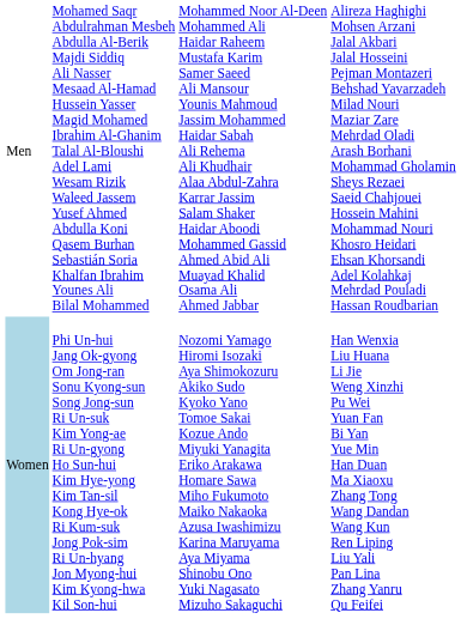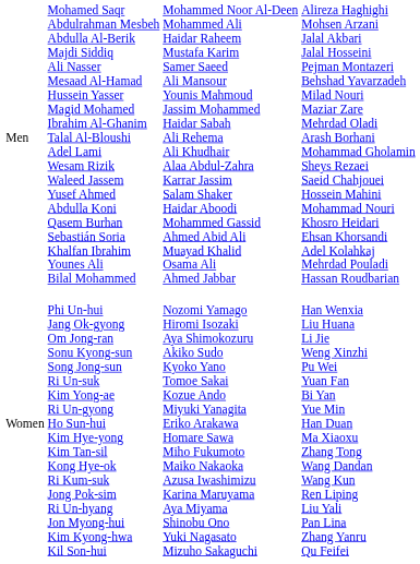 <table>
 <tr>
 <td>Men<br></td>
 <td><br><a href='#'>Mohamed Saqr</a><br><a href='#'>Abdulrahman Mesbeh</a><br><a href='#'>Abdulla Al-Berik</a><br><a href='#'>Majdi Siddiq</a><br><a href='#'>Ali Nasser</a><br><a href='#'>Mesaad Al-Hamad</a><br><a href='#'>Hussein Yasser</a><br><a href='#'>Magid Mohamed</a><br><a href='#'>Ibrahim Al-Ghanim</a><br><a href='#'>Talal Al-Bloushi</a><br><a href='#'>Adel Lami</a><br><a href='#'>Wesam Rizik</a><br><a href='#'>Waleed Jassem</a><br><a href='#'>Yusef Ahmed</a><br><a href='#'>Abdulla Koni</a><br><a href='#'>Qasem Burhan</a><br><a href='#'>Sebastián Soria</a><br><a href='#'>Khalfan Ibrahim</a><br><a href='#'>Younes Ali</a><br><a href='#'>Bilal Mohammed</a></td>
 <td><br><a href='#'>Mohammed Noor Al-Deen</a><br><a href='#'>Mohammed Ali</a><br><a href='#'>Haidar Raheem</a><br><a href='#'>Mustafa Karim</a><br><a href='#'>Samer Saeed</a><br><a href='#'>Ali Mansour</a><br><a href='#'>Younis Mahmoud</a><br><a href='#'>Jassim Mohammed</a><br><a href='#'>Haidar Sabah</a><br><a href='#'>Ali Rehema</a><br><a href='#'>Ali Khudhair</a><br><a href='#'>Alaa Abdul-Zahra</a><br><a href='#'>Karrar Jassim</a><br><a href='#'>Salam Shaker</a><br><a href='#'>Haidar Aboodi</a><br><a href='#'>Mohammed Gassid</a><br><a href='#'>Ahmed Abid Ali</a><br><a href='#'>Muayad Khalid</a><br><a href='#'>Osama Ali</a><br><a href='#'>Ahmed Jabbar</a></td>
 <td><br><a href='#'>Alireza Haghighi</a><br><a href='#'>Mohsen Arzani</a><br><a href='#'>Jalal Akbari</a><br><a href='#'>Jalal Hosseini</a><br><a href='#'>Pejman Montazeri</a><br><a href='#'>Behshad Yavarzadeh</a><br><a href='#'>Milad Nouri</a><br><a href='#'>Maziar Zare</a><br><a href='#'>Mehrdad Oladi</a><br><a href='#'>Arash Borhani</a><br><a href='#'>Mohammad Gholamin</a><br><a href='#'>Sheys Rezaei</a><br><a href='#'>Saeid Chahjouei</a><br><a href='#'>Hossein Mahini</a><br><a href='#'>Mohammad Nouri</a><br><a href='#'>Khosro Heidari</a><br><a href='#'>Ehsan Khorsandi</a><br><a href='#'>Adel Kolahkaj</a><br><a href='#'>Mehrdad Pouladi</a><br><a href='#'>Hassan Roudbarian</a></td>
 </tr>
 <tr>
-<td style="background: lightblue;">Women<br></td>
+<td>Women<br></td>
 <td><br><a href='#'>Phi Un-hui</a><br><a href='#'>Jang Ok-gyong</a><br><a href='#'>Om Jong-ran</a><br><a href='#'>Sonu Kyong-sun</a><br><a href='#'>Song Jong-sun</a><br><a href='#'>Ri Un-suk</a><br><a href='#'>Kim Yong-ae</a><br><a href='#'>Ri Un-gyong</a><br><a href='#'>Ho Sun-hui</a><br><a href='#'>Kim Hye-yong</a><br><a href='#'>Kim Tan-sil</a><br><a href='#'>Kong Hye-ok</a><br><a href='#'>Ri Kum-suk</a><br><a href='#'>Jong Pok-sim</a><br><a href='#'>Ri Un-hyang</a><br><a href='#'>Jon Myong-hui</a><br><a href='#'>Kim Kyong-hwa</a><br><a href='#'>Kil Son-hui</a></td>
 <td><br><a href='#'>Nozomi Yamago</a><br><a href='#'>Hiromi Isozaki</a><br><a href='#'>Aya Shimokozuru</a><br><a href='#'>Akiko Sudo</a><br><a href='#'>Kyoko Yano</a><br><a href='#'>Tomoe Sakai</a><br><a href='#'>Kozue Ando</a><br><a href='#'>Miyuki Yanagita</a><br><a href='#'>Eriko Arakawa</a><br><a href='#'>Homare Sawa</a><br><a href='#'>Miho Fukumoto</a><br><a href='#'>Maiko Nakaoka</a><br><a href='#'>Azusa Iwashimizu</a><br><a href='#'>Karina Maruyama</a><br><a href='#'>Aya Miyama</a><br><a href='#'>Shinobu Ono</a><br><a href='#'>Yuki Nagasato</a><br><a href='#'>Mizuho Sakaguchi</a></td>
 <td><br><a href='#'>Han Wenxia</a><br><a href='#'>Liu Huana</a><br><a href='#'>Li Jie</a><br><a href='#'>Weng Xinzhi</a><br><a href='#'>Pu Wei</a><br><a href='#'>Yuan Fan</a><br><a href='#'>Bi Yan</a><br><a href='#'>Yue Min</a><br><a href='#'>Han Duan</a><br><a href='#'>Ma Xiaoxu</a><br><a href='#'>Zhang Tong</a><br><a href='#'>Wang Dandan</a><br><a href='#'>Wang Kun</a><br><a href='#'>Ren Liping</a><br><a href='#'>Liu Yali</a><br><a href='#'>Pan Lina</a><br><a href='#'>Zhang Yanru</a><br><a href='#'>Qu Feifei</a></td>
 </tr>
 </table>
